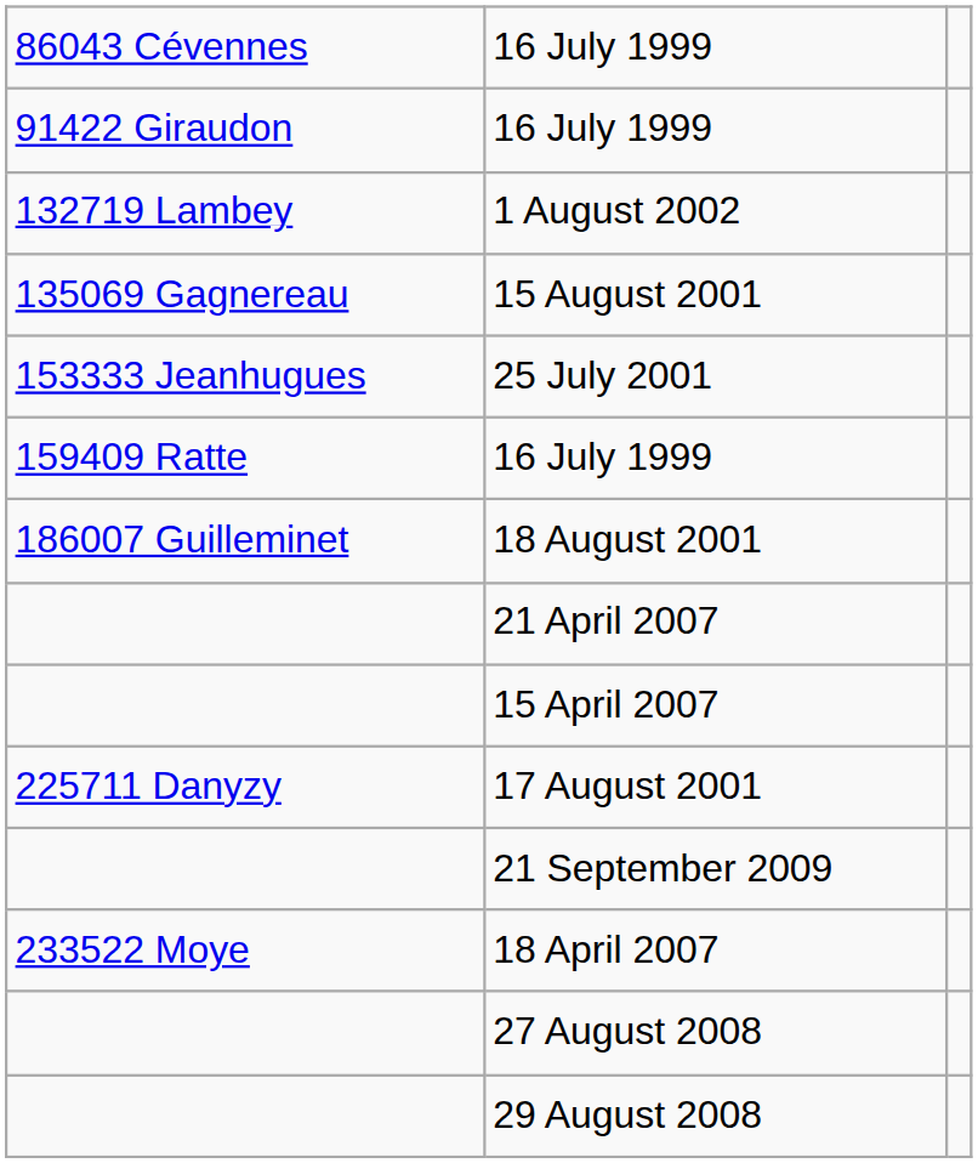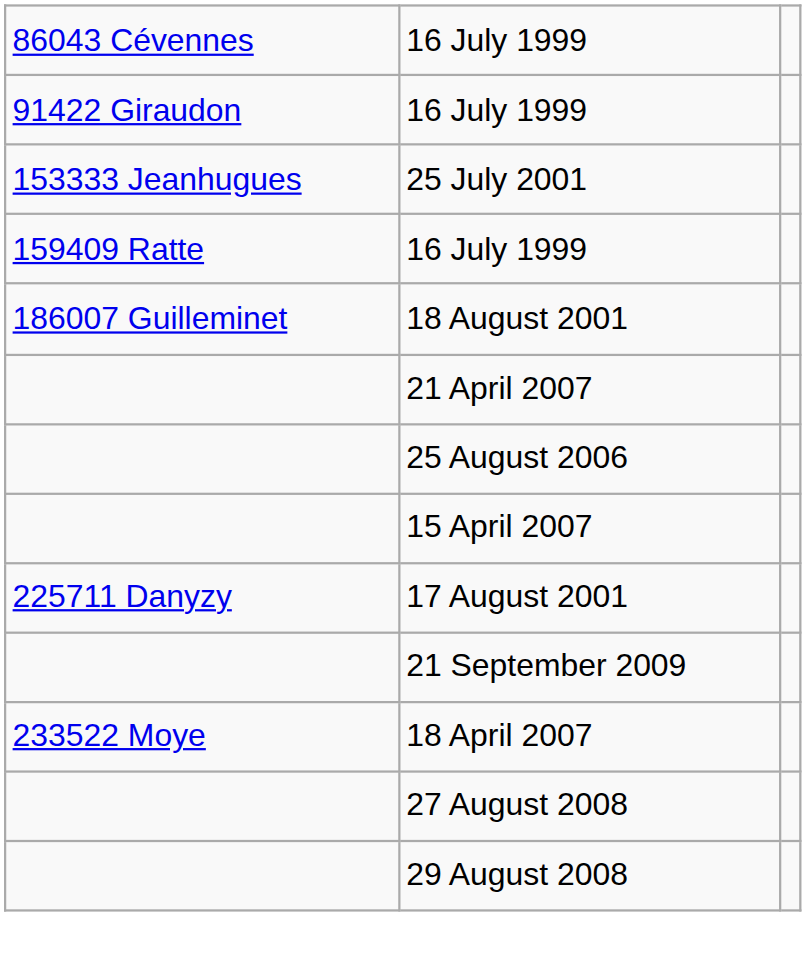 <table class="wikitable" style="font-size: 89%; float: left; width: 25em; margin-right: 1em; line-height: 1.65em !important; height: 405px;">
 <tr>
 <td><a href='#'>86043 Cévennes</a></td>
 <td>16 July 1999</td>
 <td></td>
 </tr>
 <tr>
 <td><a href='#'>91422 Giraudon</a></td>
 <td>16 July 1999</td>
-<td></td>
-</tr>
-<tr>
-<td><a href='#'>132719 Lambey</a></td>
-<td>1 August 2002</td>
-<td></td>
-</tr>
-<tr>
-<td><a href='#'>135069 Gagnereau</a></td>
-<td>15 August 2001</td>
 <td></td>
 </tr>
 <tr>
 <td><a href='#'>153333 Jeanhugues</a></td>
 <td>25 July 2001</td>
 <td></td>
 </tr>
 <tr>
 <td><a href='#'>159409 Ratte</a></td>
 <td>16 July 1999</td>
 <td></td>
 </tr>
 <tr>
 <td><a href='#'>186007 Guilleminet</a></td>
 <td>18 August 2001</td>
 <td></td>
 </tr>
 <tr>
 <td></td>
 <td>21 April 2007</td>
+<td></td>
+</tr>
+<tr>
+<td></td>
+<td>25 August 2006</td>
 <td></td>
 </tr>
 <tr>
 <td></td>
 <td>15 April 2007</td>
 <td></td>
 </tr>
 <tr>
 <td><a href='#'>225711 Danyzy</a></td>
 <td>17 August 2001</td>
 <td></td>
 </tr>
 <tr>
 <td></td>
 <td>21 September 2009</td>
 <td></td>
 </tr>
 <tr>
 <td><a href='#'>233522 Moye</a></td>
 <td>18 April 2007</td>
 <td></td>
 </tr>
 <tr>
 <td></td>
 <td>27 August 2008</td>
 <td></td>
 </tr>
 <tr>
 <td></td>
 <td>29 August 2008</td>
 <td></td>
 </tr>
 </table>
